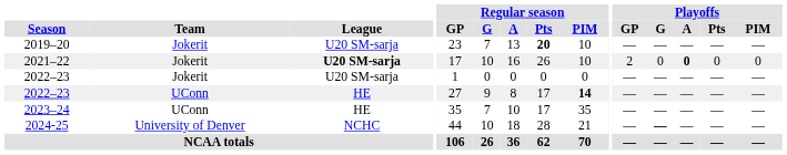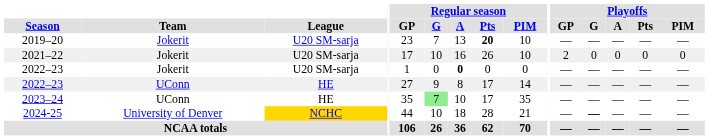 <table border="0" cellpadding="1" cellspacing="0" style="text-align:center; width:60em">
 <tr bgcolor="#e0e0e0">
 <th colspan="3" bgcolor="#ffffff"></th>
 <th rowspan="102" bgcolor="#ffffff"></th>
 <th colspan="5"><a href='#'>Regular season</a></th>
 <th rowspan="102" bgcolor="#ffffff"></th>
 <th colspan="5"><a href='#'>Playoffs</a></th>
 </tr>
 <tr bgcolor="#e0e0e0">
 <th><a href='#'>Season</a></th>
 <th>Team</th>
 <th>League</th>
 <th>GP</th>
 <th><a href='#'>G</a></th>
 <th><a href='#'>A</a></th>
 <th><a href='#'>Pts</a></th>
 <th><a href='#'>PIM</a></th>
 <th>GP</th>
 <th>G</th>
 <th>A</th>
 <th>Pts</th>
 <th>PIM</th>
 </tr>
 <tr>
 <td>2019–20</td>
 <td><a href='#'>Jokerit</a></td>
 <td><a href='#'>U20 SM-sarja</a></td>
 <td>23</td>
 <td>7</td>
 <td>13</td>
 <td><strong>20</strong></td>
 <td>10</td>
 <td>—</td>
 <td>—</td>
 <td>—</td>
 <td>—</td>
 <td>—</td>
 </tr>
 <tr bgcolor="#f0f0f0">
 <td>2021–22</td>
 <td>Jokerit</td>
-<td><strong>U20 SM-sarja</strong></td>
+<td>U20 SM-sarja</td>
 <td>17</td>
 <td>10</td>
 <td>16</td>
 <td>26</td>
 <td>10</td>
 <td>2</td>
 <td>0</td>
-<td><strong>0</strong></td>
+<td>0</td>
 <td>0</td>
 <td>0</td>
 </tr>
 <tr>
 <td>2022–23</td>
 <td>Jokerit</td>
 <td>U20 SM-sarja</td>
 <td>1</td>
 <td>0</td>
-<td>0</td>
+<td><strong>0</strong></td>
 <td>0</td>
 <td>0</td>
 <td>—</td>
 <td>—</td>
 <td>—</td>
 <td>—</td>
 <td>—</td>
 </tr>
 <tr bgcolor="#f0f0f0">
 <td><a href='#'>2022–23</a></td>
 <td><a href='#'>UConn</a></td>
 <td><a href='#'>HE</a></td>
 <td>27</td>
 <td>9</td>
 <td>8</td>
 <td>17</td>
-<td><strong>14</strong></td>
+<td>14</td>
 <td>—</td>
 <td>—</td>
 <td>—</td>
 <td>—</td>
 <td>—</td>
 </tr>
 <tr>
 <td><a href='#'>2023–24</a></td>
 <td>UConn</td>
 <td>HE</td>
 <td>35</td>
-<td>7</td>
+<td style="background: lightgreen;">7</td>
 <td>10</td>
 <td>17</td>
 <td>35</td>
 <td>—</td>
 <td>—</td>
 <td>—</td>
 <td>—</td>
 <td>—</td>
 </tr>
 <tr>
 <td><a href='#'>2024-25</a></td>
 <td><a href='#'>University of Denver</a></td>
-<td><a href='#'>NCHC</a></td>
+<td style="background: gold;"><a href='#'>NCHC</a></td>
 <td>44</td>
 <td>10</td>
 <td>18</td>
 <td>28</td>
 <td>21</td>
 <td>—</td>
 <th>—</th>
 <td>—</td>
 <td>—</td>
 <td>—</td>
 </tr>
 <tr bgcolor="#e0e0e0">
 <th colspan="3">NCAA totals</th>
 <th>106</th>
 <th>26</th>
 <th>36</th>
 <th>62</th>
 <th>70</th>
 <th>—</th>
 <th>—</th>
 <th>—</th>
 <th>—</th>
 <th>—</th>
 </tr>
 </table>
